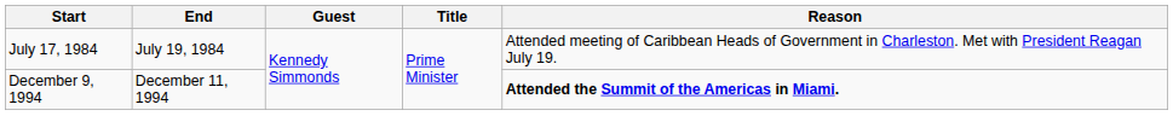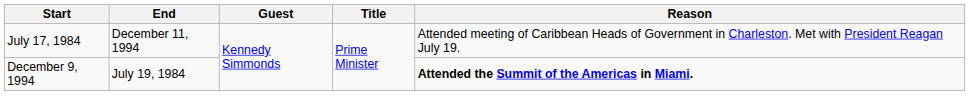 <table class="wikitable sortable">
 <tr>
 <th>Start</th>
 <th>End</th>
 <th>Guest</th>
 <th>Title</th>
 <th>Reason</th>
 </tr>
 <tr>
 <td>July 17, 1984</td>
-<td>July 19, 1984</td>
+<td>December 11, 1994</td>
 <td rowspan=2><a href='#'>Kennedy Simmonds</a></td>
 <td rowspan=2><a href='#'>Prime Minister</a></td>
 <td>Attended meeting of Caribbean Heads of Government in <a href='#'>Charleston</a>. Met with <a href='#'>President Reagan</a> July 19.</td>
 </tr>
 <tr>
 <td>December 9, 1994</td>
-<td>December 11, 1994</td>
+<td>July 19, 1984</td>
 <td><strong>Attended the <a href='#'>Summit of the Americas</a> in <a href='#'>Miami</a>.</strong></td>
 </tr>
 </table>
